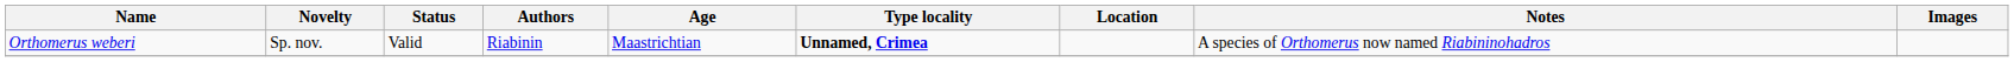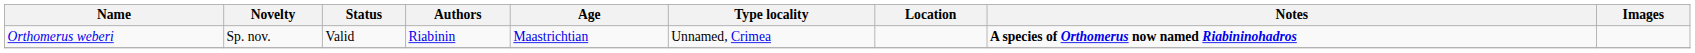 <table class="wikitable sortable" align="center" width="100%">
 <tr>
 <th>Name</th>
 <th>Novelty</th>
 <th>Status</th>
 <th>Authors</th>
 <th>Age</th>
 <th>Type locality</th>
 <th>Location</th>
 <th>Notes</th>
 <th>Images</th>
 </tr>
 <tr>
 <td><em><a href='#'>Orthomerus weberi</a></em></td>
 <td>Sp. nov.</td>
 <td>Valid</td>
 <td><a href='#'>Riabinin</a></td>
 <td><a href='#'>Maastrichtian</a></td>
-<td><strong>Unnamed, <a href='#'>Crimea</a></strong></td>
+<td>Unnamed, <a href='#'>Crimea</a></td>
 <td></td>
-<td>A species of <em><a href='#'>Orthomerus</a></em> now named <em><a href='#'>Riabininohadros</a></em></td>
+<td><strong>A species of <em><a href='#'>Orthomerus</a></em> now named <em><a href='#'>Riabininohadros</a></em></strong></td>
 <td></td>
 </tr>
 <tr>
 </tr>
 </table>
